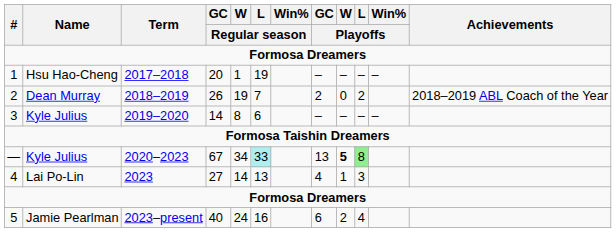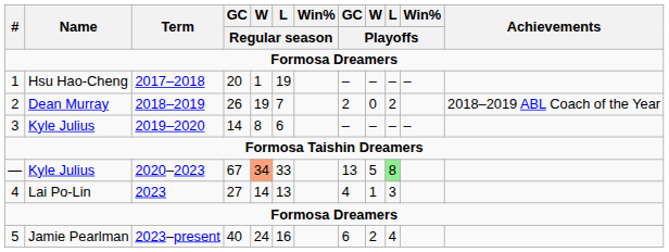 <table class="wikitable sortable">
 <tr>
 <th rowspan="2">#</th>
 <th rowspan="2">Name</th>
 <th rowspan="2">Term</th>
 <th>GC</th>
 <th>W</th>
 <th>L</th>
 <th>Win%</th>
 <th>GC</th>
 <th>W</th>
 <th>L</th>
 <th>Win%</th>
 <th rowspan="2" class=unsortable>Achievements</th>
 </tr>
 <tr class="unsortable">
 <th colspan="4">Regular season</th>
 <th colspan="4">Playoffs</th>
 </tr>
 <tr>
 <td align=center colspan="15"><strong>Formosa Dreamers</strong></td>
 </tr>
 <tr>
 <td align=center>1</td>
 <td>Hsu Hao-Cheng</td>
 <td><a href='#'>2017–2018</a></td>
 <td>20</td>
 <td>1</td>
 <td>19</td>
 <td></td>
 <td>–</td>
 <td>–</td>
 <td>–</td>
 <td>–</td>
 <td></td>
 </tr>
 <tr>
 <td align=center>2</td>
 <td><a href='#'>Dean Murray</a></td>
 <td><a href='#'>2018–2019</a></td>
 <td>26</td>
 <td>19</td>
 <td>7</td>
 <td></td>
 <td>2</td>
 <td>0</td>
 <td>2</td>
 <td></td>
 <td>2018–2019 <a href='#'>ABL</a> Coach of the Year</td>
 </tr>
 <tr>
 <td align=center>3</td>
 <td><a href='#'>Kyle Julius</a></td>
 <td><a href='#'>2019–2020</a></td>
 <td>14</td>
 <td>8</td>
 <td>6</td>
 <td></td>
 <td>–</td>
 <td>–</td>
 <td>–</td>
 <td>–</td>
 <td></td>
 </tr>
 <tr>
 <td align=center colspan="15"><strong>Formosa Taishin Dreamers</strong></td>
 </tr>
 <tr>
 <td align=center>—</td>
 <td><a href='#'>Kyle Julius</a></td>
 <td><a href='#'>2020</a>–<a href='#'>2023</a></td>
 <td>67</td>
-<td>34</td>
-<td style="background: paleturquoise;">33</td>
+<td style="background: lightsalmon;">34</td>
+<td>33</td>
 <td></td>
 <td>13</td>
-<td><strong>5</strong></td>
+<td>5</td>
 <td style="background: lightgreen;">8</td>
 <td></td>
 <td></td>
 </tr>
 <tr>
 <td align=center>4</td>
 <td>Lai Po-Lin</td>
 <td><a href='#'>2023</a></td>
 <td>27</td>
 <td>14</td>
 <td>13</td>
 <td></td>
 <td>4</td>
 <td>1</td>
 <td>3</td>
 <td></td>
 <td></td>
 </tr>
 <tr>
 <td align=center colspan="15"><strong>Formosa Dreamers</strong></td>
 </tr>
 <tr>
 <td align=center>5</td>
 <td>Jamie Pearlman</td>
 <td><a href='#'>2023</a>–<a href='#'>present</a></td>
 <td>40</td>
 <td>24</td>
 <td>16</td>
 <td></td>
 <td>6</td>
 <td>2</td>
 <td>4</td>
 <td></td>
 <td></td>
 </tr>
 </table>
